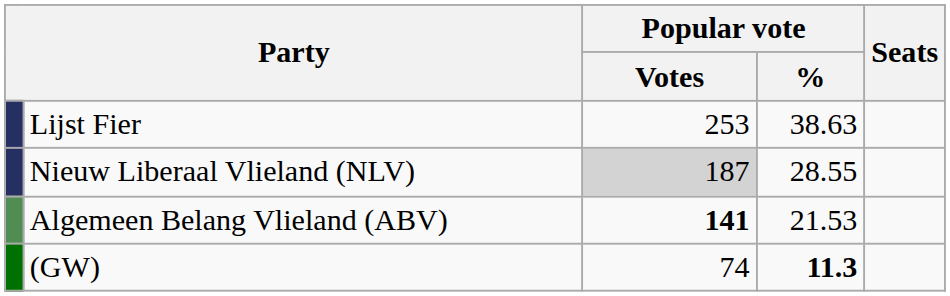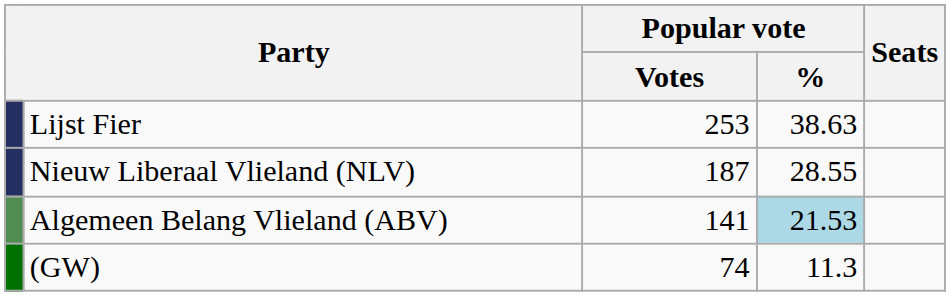 <table class="wikitable" style="text-align:right">
 <tr>
 <th rowspan="2" colspan="2" width="300">Party</th>
 <th colspan="2">Popular vote</th>
 <th rowspan="2">Seats</th>
 </tr>
 <tr>
 <th width="85">Votes</th>
 <th width="50">%</th>
 </tr>
 <tr>
 <td bgcolor="#252f62"></td>
 <td align="left">Lijst Fier</td>
 <td>253</td>
 <td>38.63</td>
 <td></td>
 </tr>
 <tr>
 <td bgcolor="#252f62"></td>
 <td align="left">Nieuw Liberaal Vlieland (NLV)</td>
-<td style="background: lightgrey;">187</td>
+<td>187</td>
 <td>28.55</td>
 <td></td>
 </tr>
 <tr>
 <td bgcolor="#518c53"></td>
 <td align="left">Algemeen Belang Vlieland (ABV)</td>
-<td><strong>141</strong></td>
-<td>21.53</td>
+<td>141</td>
+<td style="background: lightblue;">21.53</td>
 <td></td>
 </tr>
 <tr>
 <td bgcolor="#007000"></td>
 <td align="left"> (GW)</td>
 <td>74</td>
-<td><strong>11.3</strong></td>
+<td>11.3</td>
 <td></td>
 </tr>
 </table>
